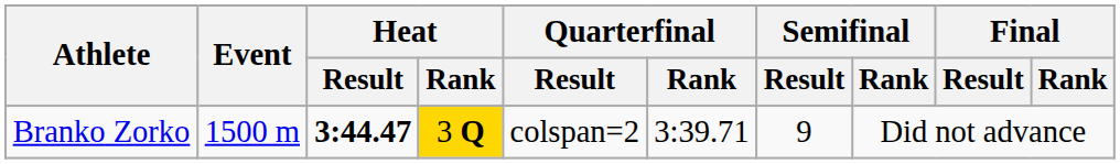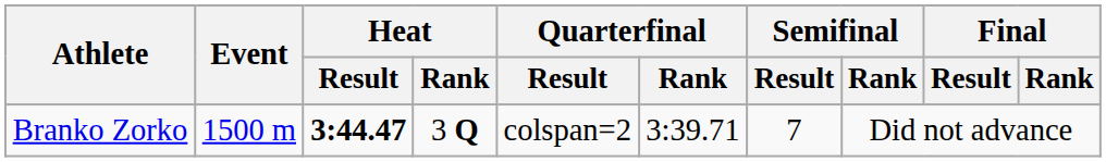 <table class="wikitable" style="font-size:90%">
 <tr>
 <th rowspan="2">Athlete</th>
 <th rowspan="2">Event</th>
 <th colspan="2">Heat</th>
 <th colspan="2">Quarterfinal</th>
 <th colspan="2">Semifinal</th>
 <th colspan="2">Final</th>
 </tr>
 <tr style="font-size:95%">
 <th>Result</th>
 <th>Rank</th>
 <th>Result</th>
 <th>Rank</th>
 <th>Result</th>
 <th>Rank</th>
 <th>Result</th>
 <th>Rank</th>
 </tr>
 <tr align=center>
 <td align=left><a href='#'>Branko Zorko</a></td>
 <td align=left><a href='#'>1500 m</a></td>
 <td><strong>3:44.47</strong></td>
-<td style="background: gold;">3 <strong>Q</strong></td>
+<td>3 <strong>Q</strong></td>
 <td>colspan=2 </td>
 <td>3:39.71</td>
-<td>9</td>
+<td>7</td>
 <td colspan=4>Did not advance</td>
 </tr>
 </table>
